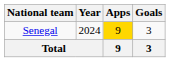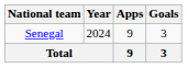 <table class="wikitable" style="text-align:center">
 <tr>
 <th>National team</th>
 <th>Year</th>
 <th>Apps</th>
 <th>Goals</th>
 </tr>
 <tr>
 <td><a href='#'>Senegal</a></td>
 <td>2024</td>
-<td style="background: gold;">9</td>
+<td>9</td>
 <td>3</td>
 </tr>
 <tr>
 <th colspan="2">Total</th>
 <th>9</th>
 <th>3</th>
 </tr>
 </table>
